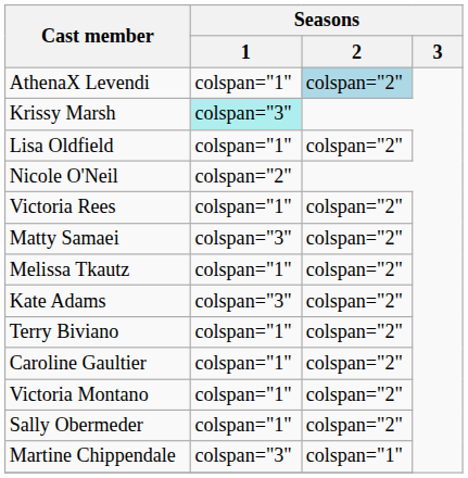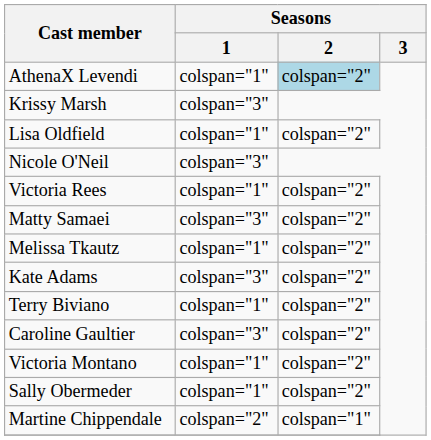 <table class="wikitable plainrowheaders" width="60%">
 <tr>
 <th rowspan="2" style="width:20%;">Cast member</th>
 <th colspan="4">Seasons</th>
 </tr>
 <tr>
 <th style="width:10%;">1</th>
 <th style="width:10%;">2</th>
 <th style="width:10%;">3</th>
 </tr>
 <tr>
 <td>AthenaX Levendi</td>
 <td>colspan="1" </td>
 <td style="background: lightblue;">colspan="2" </td>
 </tr>
 <tr>
 <td>Krissy Marsh</td>
-<td style="background: paleturquoise;">colspan="3" </td>
+<td>colspan="3" </td>
 </tr>
 <tr>
 <td>Lisa Oldfield</td>
 <td>colspan="1" </td>
 <td>colspan="2" </td>
 </tr>
 <tr>
 <td>Nicole O'Neil</td>
-<td>colspan="2" </td>
+<td>colspan="3" </td>
 </tr>
 <tr>
 <td>Victoria Rees</td>
 <td>colspan="1" </td>
 <td>colspan="2" </td>
 </tr>
 <tr>
 <td>Matty Samaei</td>
 <td>colspan="3" </td>
 <td>colspan="2" </td>
 </tr>
 <tr>
 <td>Melissa Tkautz</td>
 <td>colspan="1" </td>
 <td>colspan="2" </td>
 </tr>
 <tr>
 <td>Kate Adams</td>
 <td>colspan="3" </td>
 <td>colspan="2" </td>
 </tr>
 <tr>
 <td>Terry Biviano</td>
 <td>colspan="1" </td>
 <td>colspan="2" </td>
 </tr>
 <tr>
 <td>Caroline Gaultier</td>
-<td>colspan="1" </td>
+<td>colspan="3" </td>
 <td>colspan="2" </td>
 </tr>
 <tr>
 <td>Victoria Montano</td>
 <td>colspan="1" </td>
 <td>colspan="2" </td>
 </tr>
 <tr>
 <td>Sally Obermeder</td>
 <td>colspan="1" </td>
 <td>colspan="2" </td>
 </tr>
 <tr>
 <td nowrap>Martine Chippendale</td>
-<td>colspan="3" </td>
+<td>colspan="2" </td>
 <td>colspan="1" </td>
 </tr>
 <tr>
 </tr>
 </table>
